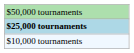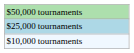 <table class="wikitable"  style="font-size:85%; width:15%;">
 <tr style="background:#addfad;">
 <td>$50,000 tournaments</td>
 </tr>
 <tr style="background:lightblue;">
-<td><strong>$25,000 tournaments</strong></td>
+<td>$25,000 tournaments</td>
 </tr>
 <tr style="background:#f0f8ff;">
 <td>$10,000 tournaments</td>
 </tr>
 </table>
